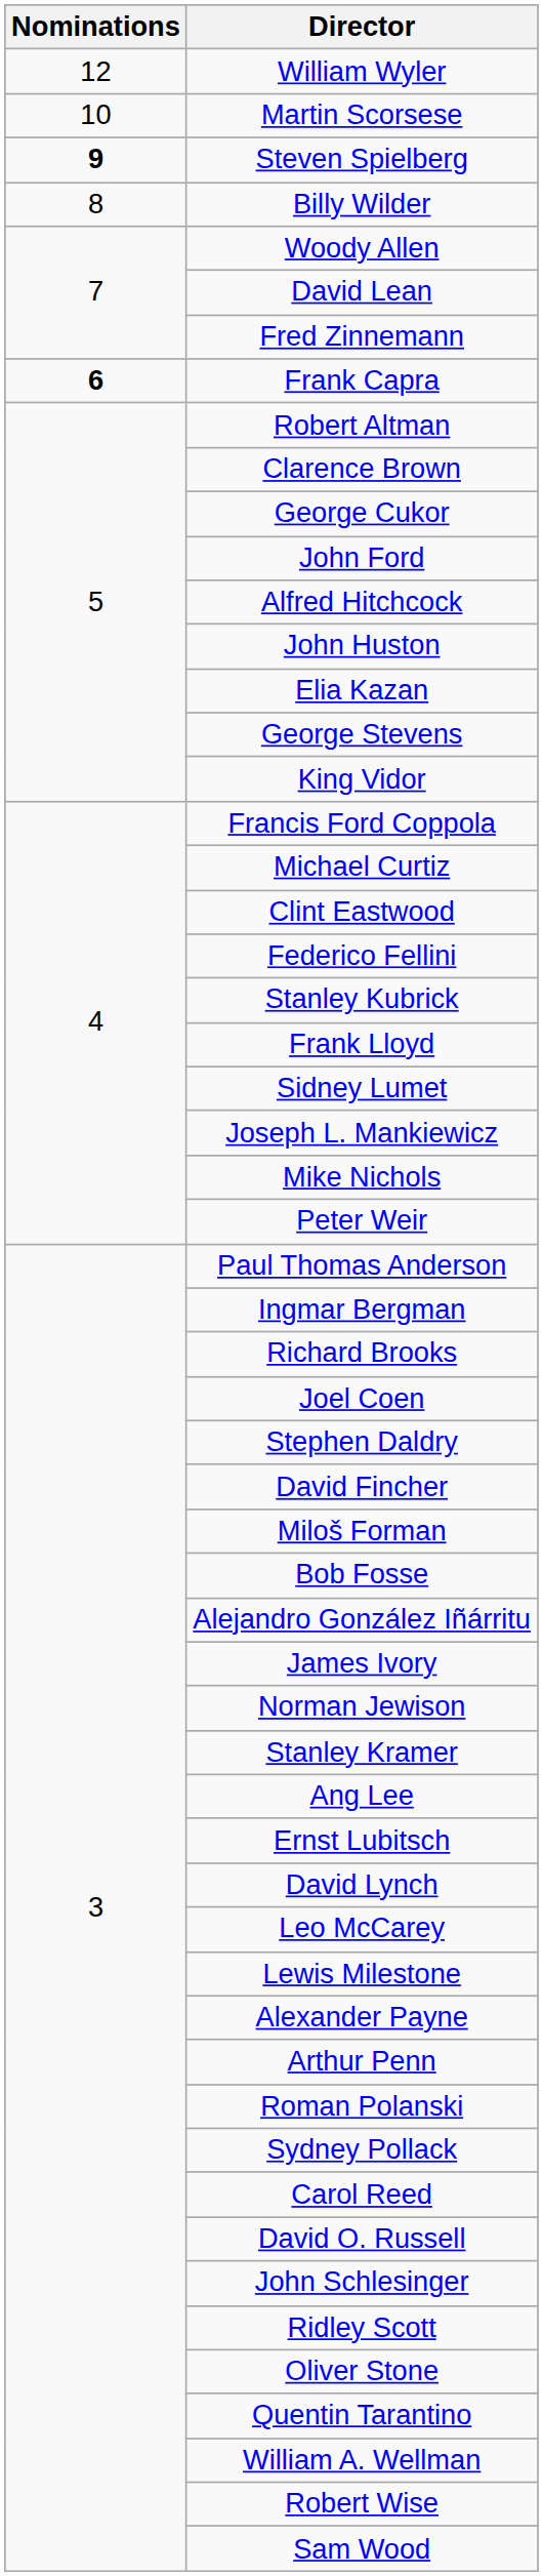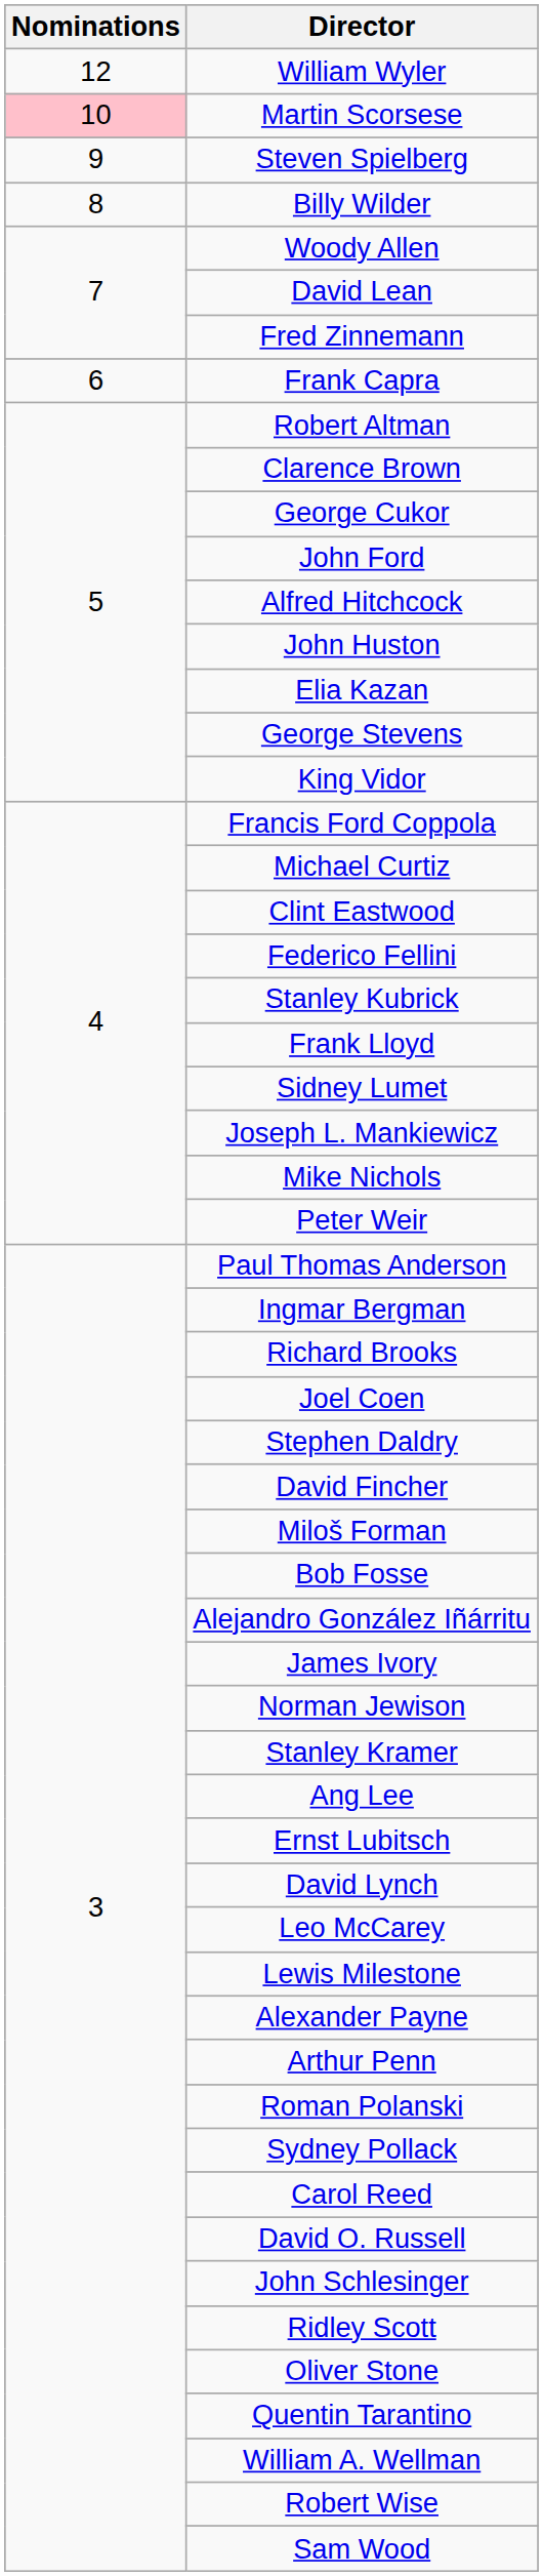 <table class="wikitable" style="text-align:center;">
 <tr>
 <th scope="col" width="55">Nominations</th>
 <th scope="col" align="center">Director</th>
 </tr>
 <tr>
 <td rowspan="1" style="text-align:center;">12</td>
 <td><a href='#'>William Wyler</a></td>
 </tr>
 <tr>
-<td rowspan="1" style="text-align:center;">10</td>
+<td rowspan="1" style="background: pink; text-align:center;">10</td>
 <td><a href='#'>Martin Scorsese</a></td>
 </tr>
 <tr>
-<td rowspan="1" style="text-align:center;"><strong>9</strong></td>
+<td rowspan="1" style="text-align:center;">9</td>
 <td><a href='#'>Steven Spielberg</a></td>
 </tr>
 <tr>
 <td rowspan="1" style="text-align:center;">8</td>
 <td><a href='#'>Billy Wilder</a></td>
 </tr>
 <tr>
 <td rowspan="3" style="text-align:center;">7</td>
 <td><a href='#'>Woody Allen</a></td>
 </tr>
 <tr>
 <td><a href='#'>David Lean</a></td>
 </tr>
 <tr>
 <td><a href='#'>Fred Zinnemann</a></td>
 </tr>
 <tr>
-<td rowspan="1" style="text-align:center;"><strong>6</strong></td>
+<td rowspan="1" style="text-align:center;">6</td>
 <td><a href='#'>Frank Capra</a></td>
 </tr>
 <tr>
 <td rowspan="9" style="text-align:center;">5</td>
 <td><a href='#'>Robert Altman</a></td>
 </tr>
 <tr>
 <td><a href='#'>Clarence Brown</a></td>
 </tr>
 <tr>
 <td><a href='#'>George Cukor</a></td>
 </tr>
 <tr>
 <td><a href='#'>John Ford</a></td>
 </tr>
 <tr>
 <td><a href='#'>Alfred Hitchcock</a></td>
 </tr>
 <tr>
 <td><a href='#'>John Huston</a></td>
 </tr>
 <tr>
 <td><a href='#'>Elia Kazan</a></td>
 </tr>
 <tr>
 <td><a href='#'>George Stevens</a></td>
 </tr>
 <tr>
 <td><a href='#'>King Vidor</a></td>
 </tr>
 <tr>
 <td rowspan="10" style="text-align:center;">4</td>
 <td><a href='#'>Francis Ford Coppola</a></td>
 </tr>
 <tr>
 <td><a href='#'>Michael Curtiz</a></td>
 </tr>
 <tr>
 <td><a href='#'>Clint Eastwood</a></td>
 </tr>
 <tr>
 <td><a href='#'>Federico Fellini</a></td>
 </tr>
 <tr>
 <td><a href='#'>Stanley Kubrick</a></td>
 </tr>
 <tr>
 <td><a href='#'>Frank Lloyd</a></td>
 </tr>
 <tr>
 <td><a href='#'>Sidney Lumet</a></td>
 </tr>
 <tr>
 <td><a href='#'>Joseph L. Mankiewicz</a></td>
 </tr>
 <tr>
 <td><a href='#'>Mike Nichols</a></td>
 </tr>
 <tr>
 <td><a href='#'>Peter Weir</a></td>
 </tr>
 <tr>
 <td rowspan="30" style="text-align:center;">3</td>
 <td><a href='#'>Paul Thomas Anderson</a></td>
 </tr>
 <tr>
 <td><a href='#'>Ingmar Bergman</a></td>
 </tr>
 <tr>
 <td><a href='#'>Richard Brooks</a></td>
 </tr>
 <tr>
 <td><a href='#'>Joel Coen</a></td>
 </tr>
 <tr>
 <td><a href='#'>Stephen Daldry</a></td>
 </tr>
 <tr>
 <td><a href='#'>David Fincher</a></td>
 </tr>
 <tr>
 <td><a href='#'>Miloš Forman</a></td>
 </tr>
 <tr>
 <td><a href='#'>Bob Fosse</a></td>
 </tr>
 <tr>
 <td><a href='#'>Alejandro González Iñárritu</a></td>
 </tr>
 <tr>
 <td><a href='#'>James Ivory</a></td>
 </tr>
 <tr>
 <td><a href='#'>Norman Jewison</a></td>
 </tr>
 <tr>
 <td><a href='#'>Stanley Kramer</a></td>
 </tr>
 <tr>
 <td><a href='#'>Ang Lee</a></td>
 </tr>
 <tr>
 <td><a href='#'>Ernst Lubitsch</a></td>
 </tr>
 <tr>
 <td><a href='#'>David Lynch</a></td>
 </tr>
 <tr>
 <td><a href='#'>Leo McCarey</a></td>
 </tr>
 <tr>
 <td><a href='#'>Lewis Milestone</a></td>
 </tr>
 <tr>
 <td><a href='#'>Alexander Payne</a></td>
 </tr>
 <tr>
 <td><a href='#'>Arthur Penn</a></td>
 </tr>
 <tr>
 <td><a href='#'>Roman Polanski</a></td>
 </tr>
 <tr>
 <td><a href='#'>Sydney Pollack</a></td>
 </tr>
 <tr>
 <td><a href='#'>Carol Reed</a></td>
 </tr>
 <tr>
 <td><a href='#'>David O. Russell</a></td>
 </tr>
 <tr>
 <td><a href='#'>John Schlesinger</a></td>
 </tr>
 <tr>
 <td><a href='#'>Ridley Scott</a></td>
 </tr>
 <tr>
 <td><a href='#'>Oliver Stone</a></td>
 </tr>
 <tr>
 <td><a href='#'>Quentin Tarantino</a></td>
 </tr>
 <tr>
 <td><a href='#'>William A. Wellman</a></td>
 </tr>
 <tr>
 <td><a href='#'>Robert Wise</a></td>
 </tr>
 <tr>
 <td><a href='#'>Sam Wood</a></td>
 </tr>
 </table>
